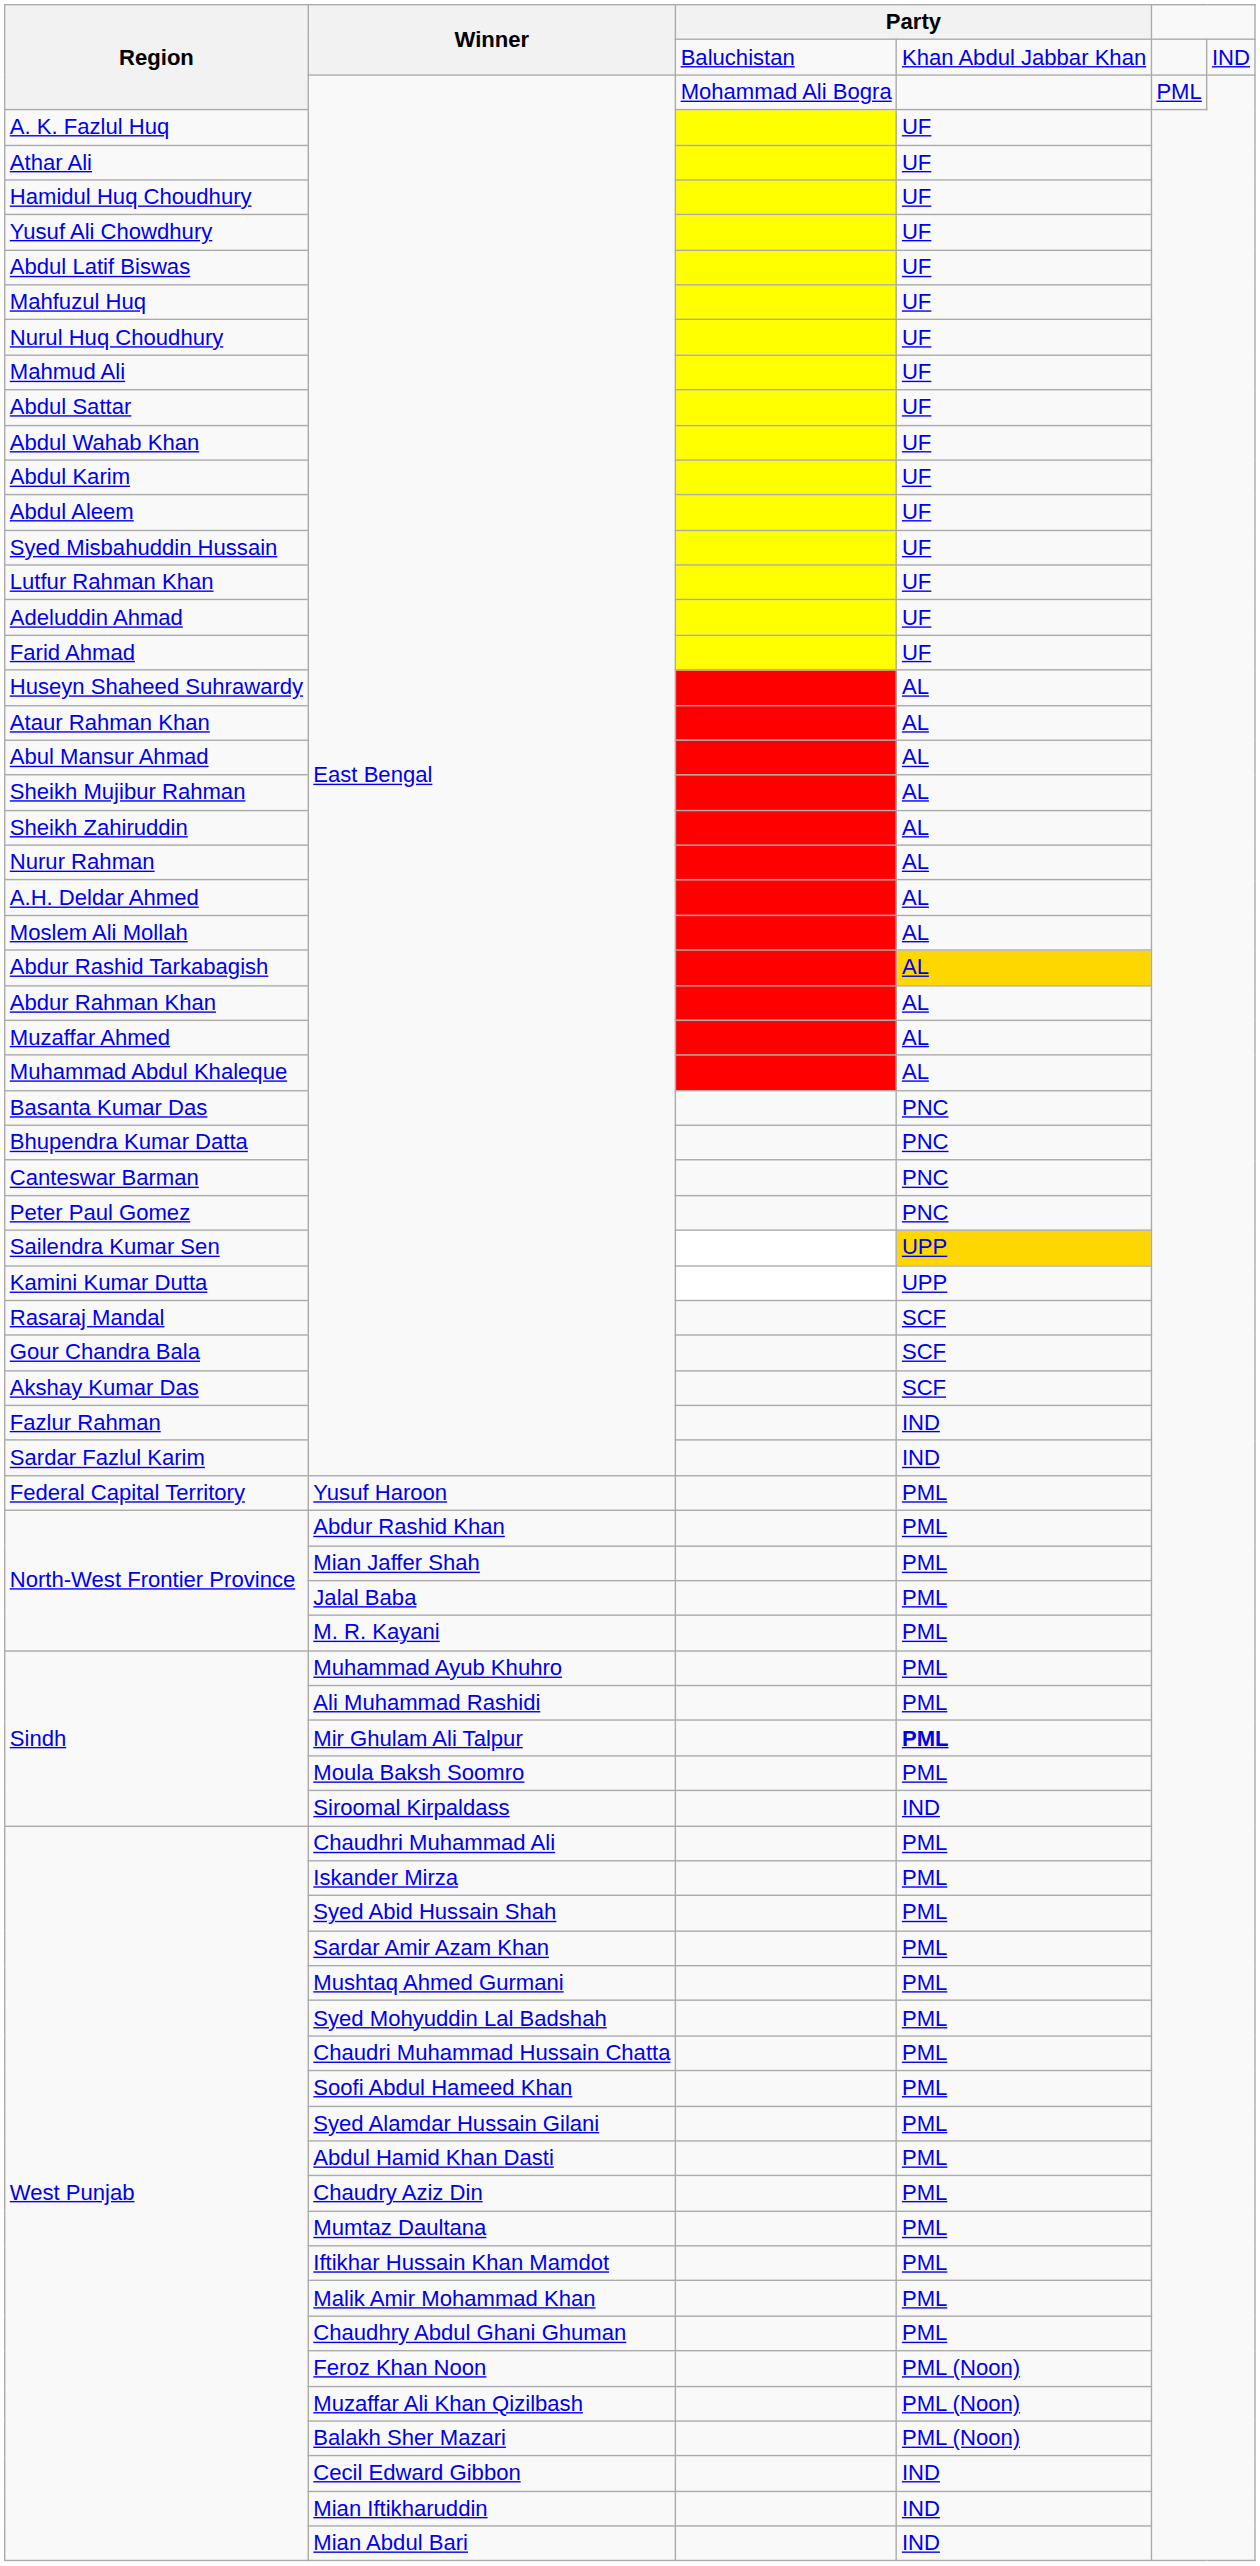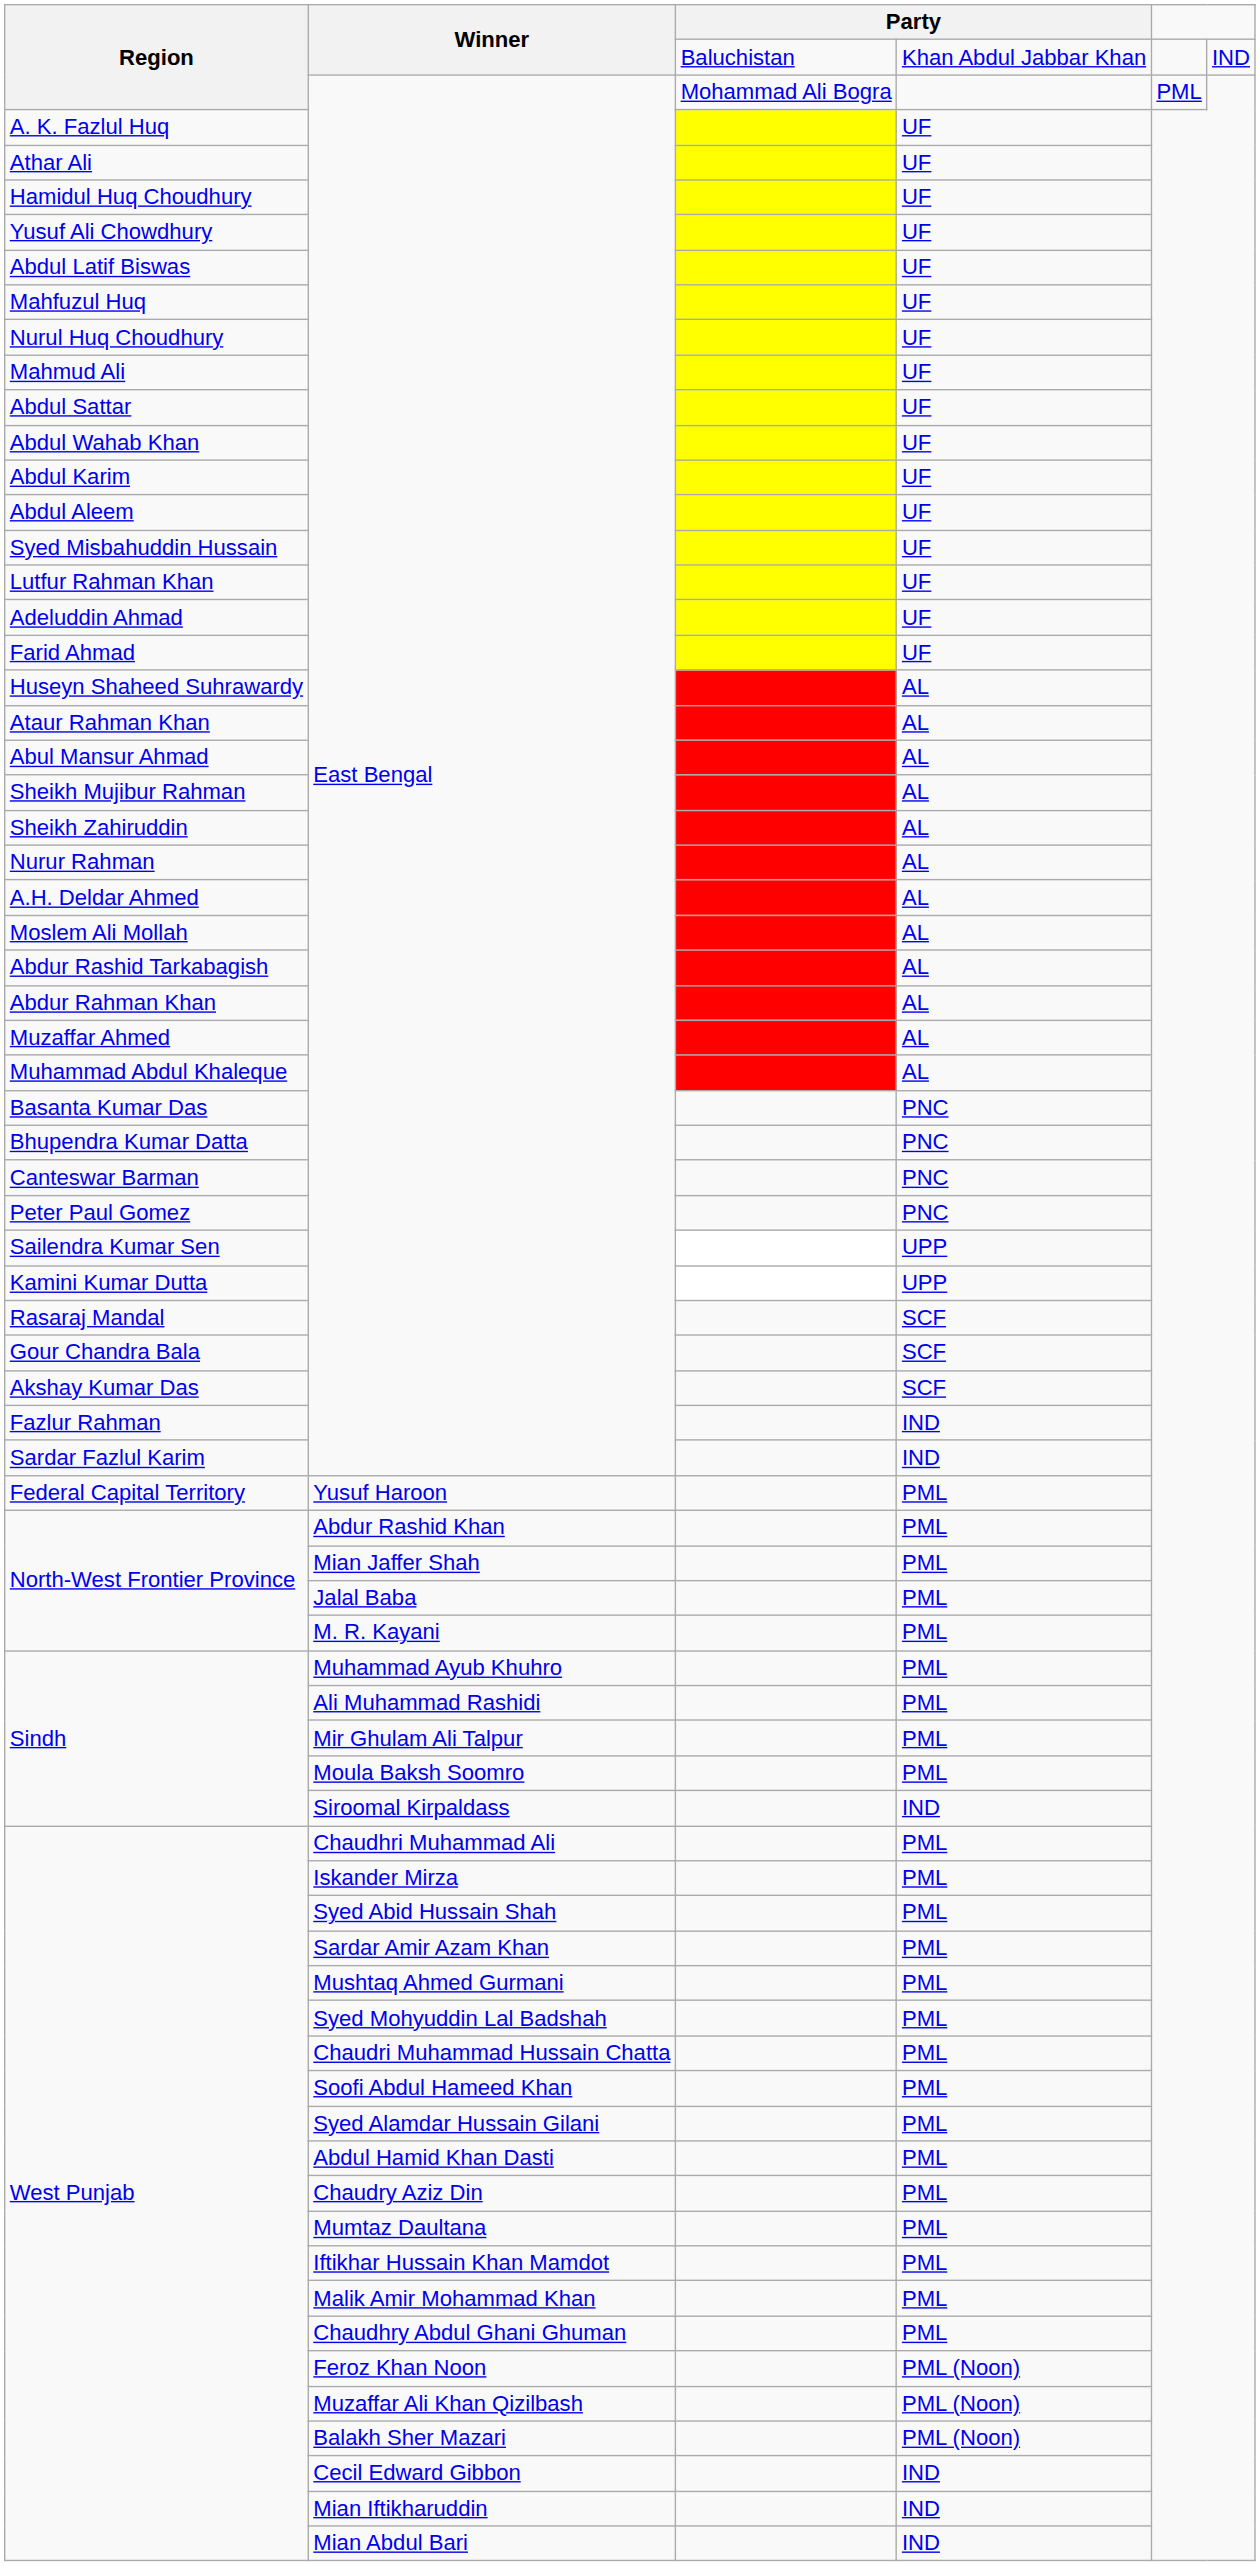 <table class="wikitable sortable static-row-numbers">
 <tr>
 <th rowspan="3">Region</th>
 <th rowspan="2">Winner</th>
 <th colspan="2" rowpan="2">Party</th>
 </tr>
 <tr>
 <td rowspan="1"><a href='#'>Baluchistan</a></td>
 <td><a href='#'>Khan Abdul Jabbar Khan</a></td>
 <td style="color:inherit;background:"></td>
 <td><a href='#'>IND</a></td>
 </tr>
 <tr>
 <td rowspan="40"><a href='#'>East Bengal</a></td>
 <td><a href='#'>Mohammad Ali Bogra</a></td>
 <td style="color:inherit;background:"></td>
 <td><a href='#'>PML</a></td>
 </tr>
 <tr>
 <td><a href='#'>A. K. Fazlul Huq</a></td>
 <td style="color:inherit;background:yellow"></td>
 <td><a href='#'>UF</a></td>
 </tr>
 <tr>
 <td><a href='#'>Athar Ali</a></td>
 <td style="color:inherit;background:yellow"></td>
 <td><a href='#'>UF</a></td>
 </tr>
 <tr>
 <td><a href='#'>Hamidul Huq Choudhury</a></td>
 <td style="color:inherit;background:yellow"></td>
 <td><a href='#'>UF</a></td>
 </tr>
 <tr>
 <td><a href='#'>Yusuf Ali Chowdhury</a></td>
 <td style="color:inherit;background:yellow"></td>
 <td><a href='#'>UF</a></td>
 </tr>
 <tr>
 <td><a href='#'>Abdul Latif Biswas</a></td>
 <td style="color:inherit;background:yellow"></td>
 <td><a href='#'>UF</a></td>
 </tr>
 <tr>
 <td><a href='#'>Mahfuzul Huq</a></td>
 <td style="color:inherit;background:yellow"></td>
 <td><a href='#'>UF</a></td>
 </tr>
 <tr>
 <td><a href='#'>Nurul Huq Choudhury</a></td>
 <td style="color:inherit;background:yellow"></td>
 <td><a href='#'>UF</a></td>
 </tr>
 <tr>
 <td><a href='#'>Mahmud Ali</a></td>
 <td style="color:inherit;background:yellow"></td>
 <td><a href='#'>UF</a></td>
 </tr>
 <tr>
 <td><a href='#'>Abdul Sattar</a></td>
 <td style="color:inherit;background:yellow"></td>
 <td><a href='#'>UF</a></td>
 </tr>
 <tr>
 <td><a href='#'>Abdul Wahab Khan</a></td>
 <td style="color:inherit;background:yellow"></td>
 <td><a href='#'>UF</a></td>
 </tr>
 <tr>
 <td><a href='#'>Abdul Karim</a></td>
 <td style="color:inherit;background:yellow"></td>
 <td><a href='#'>UF</a></td>
 </tr>
 <tr>
 <td><a href='#'>Abdul Aleem</a></td>
 <td style="color:inherit;background:yellow"></td>
 <td><a href='#'>UF</a></td>
 </tr>
 <tr>
 <td><a href='#'>Syed Misbahuddin Hussain</a></td>
 <td style="color:inherit;background:yellow"></td>
 <td><a href='#'>UF</a></td>
 </tr>
 <tr>
 <td><a href='#'>Lutfur Rahman Khan</a></td>
 <td style="color:inherit;background:yellow"></td>
 <td><a href='#'>UF</a></td>
 </tr>
 <tr>
 <td><a href='#'>Adeluddin Ahmad</a></td>
 <td style="color:inherit;background:yellow"></td>
 <td><a href='#'>UF</a></td>
 </tr>
 <tr>
 <td><a href='#'>Farid Ahmad</a></td>
 <td style="color:inherit;background:yellow"></td>
 <td><a href='#'>UF</a></td>
 </tr>
 <tr>
 <td><a href='#'>Huseyn Shaheed Suhrawardy</a></td>
 <td style="color:inherit;background:#FF0000"></td>
 <td><a href='#'>AL</a></td>
 </tr>
 <tr>
 <td><a href='#'>Ataur Rahman Khan</a></td>
 <td style="color:inherit;background:#FF0000"></td>
 <td><a href='#'>AL</a></td>
 </tr>
 <tr>
 <td><a href='#'>Abul Mansur Ahmad</a></td>
 <td style="color:inherit;background:#FF0000"></td>
 <td><a href='#'>AL</a></td>
 </tr>
 <tr>
 <td><a href='#'>Sheikh Mujibur Rahman</a></td>
 <td style="color:inherit;background:#FF0000"></td>
 <td><a href='#'>AL</a></td>
 </tr>
 <tr>
 <td><a href='#'>Sheikh Zahiruddin</a></td>
 <td style="color:inherit;background:#FF0000"></td>
 <td><a href='#'>AL</a></td>
 </tr>
 <tr>
 <td><a href='#'>Nurur Rahman</a></td>
 <td style="color:inherit;background:#FF0000"></td>
 <td><a href='#'>AL</a></td>
 </tr>
 <tr>
 <td><a href='#'>A.H. Deldar Ahmed</a></td>
 <td style="color:inherit;background:#FF0000"></td>
 <td><a href='#'>AL</a></td>
 </tr>
 <tr>
 <td><a href='#'>Moslem Ali Mollah</a></td>
 <td style="color:inherit;background:#FF0000"></td>
 <td><a href='#'>AL</a></td>
 </tr>
 <tr>
 <td><a href='#'>Abdur Rashid Tarkabagish</a></td>
 <td style="color:inherit;background:#FF0000"></td>
-<td style="background: gold;"><a href='#'>AL</a></td>
+<td><a href='#'>AL</a></td>
 </tr>
 <tr>
 <td><a href='#'>Abdur Rahman Khan</a></td>
 <td style="color:inherit;background:#FF0000"></td>
 <td><a href='#'>AL</a></td>
 </tr>
 <tr>
 <td><a href='#'>Muzaffar Ahmed</a></td>
 <td style="color:inherit;background:#FF0000"></td>
 <td><a href='#'>AL</a></td>
 </tr>
 <tr>
 <td><a href='#'>Muhammad Abdul Khaleque</a></td>
 <td style="color:inherit;background:#FF0000"></td>
 <td><a href='#'>AL</a></td>
 </tr>
 <tr>
 <td><a href='#'>Basanta Kumar Das</a></td>
 <td style="color:inherit;background:"></td>
 <td><a href='#'>PNC</a></td>
 </tr>
 <tr>
 <td><a href='#'>Bhupendra Kumar Datta</a></td>
 <td style="color:inherit;background:"></td>
 <td><a href='#'>PNC</a></td>
 </tr>
 <tr>
 <td><a href='#'>Canteswar Barman</a></td>
 <td style="color:inherit;background:"></td>
 <td><a href='#'>PNC</a></td>
 </tr>
 <tr>
 <td><a href='#'>Peter Paul Gomez</a></td>
 <td style="color:inherit;background:"></td>
 <td><a href='#'>PNC</a></td>
 </tr>
 <tr>
 <td><a href='#'>Sailendra Kumar Sen</a></td>
 <td style="color:inherit;background:white"></td>
-<td style="background: gold;"><a href='#'>UPP</a></td>
+<td><a href='#'>UPP</a></td>
 </tr>
 <tr>
 <td><a href='#'>Kamini Kumar Dutta</a></td>
 <td style="color:inherit;background:white"></td>
 <td><a href='#'>UPP</a></td>
 </tr>
 <tr>
 <td><a href='#'>Rasaraj Mandal</a></td>
 <td style="color:inherit;background:"></td>
 <td><a href='#'>SCF</a></td>
 </tr>
 <tr>
 <td><a href='#'>Gour Chandra Bala</a></td>
 <td style="color:inherit;background:"></td>
 <td><a href='#'>SCF</a></td>
 </tr>
 <tr>
 <td><a href='#'>Akshay Kumar Das</a></td>
 <td style="color:inherit;background:"></td>
 <td><a href='#'>SCF</a></td>
 </tr>
 <tr>
 <td><a href='#'>Fazlur Rahman</a></td>
 <td style="color:inherit;background:"></td>
 <td><a href='#'>IND</a></td>
 </tr>
 <tr>
 <td><a href='#'>Sardar Fazlul Karim</a></td>
 <td style="color:inherit;background:"></td>
 <td><a href='#'>IND</a></td>
 </tr>
 <tr>
 <td rowspan="1"><a href='#'>Federal Capital Territory</a></td>
 <td><a href='#'>Yusuf Haroon</a></td>
 <td style="color:inherit;background:"></td>
 <td><a href='#'>PML</a></td>
 </tr>
 <tr>
 <td rowspan="4"><a href='#'>North-West Frontier Province</a></td>
 <td><a href='#'>Abdur Rashid Khan</a></td>
 <td style="color:inherit;background:"></td>
 <td><a href='#'>PML</a></td>
 </tr>
 <tr>
 <td><a href='#'>Mian Jaffer Shah</a></td>
 <td style="color:inherit;background:"></td>
 <td><a href='#'>PML</a></td>
 </tr>
 <tr>
 <td><a href='#'>Jalal Baba</a></td>
 <td style="color:inherit;background:"></td>
 <td><a href='#'>PML</a></td>
 </tr>
 <tr>
 <td><a href='#'>M. R. Kayani</a></td>
 <td style="color:inherit;background:"></td>
 <td><a href='#'>PML</a></td>
 </tr>
 <tr>
 <td rowspan="5"><a href='#'>Sindh</a></td>
 <td><a href='#'>Muhammad Ayub Khuhro</a></td>
 <td style="color:inherit;background:"></td>
 <td><a href='#'>PML</a></td>
 </tr>
 <tr>
 <td><a href='#'>Ali Muhammad Rashidi</a></td>
 <td style="color:inherit;background:"></td>
 <td><a href='#'>PML</a></td>
 </tr>
 <tr>
 <td><a href='#'>Mir Ghulam Ali Talpur</a></td>
 <td style="color:inherit;background:"></td>
-<td><strong><a href='#'>PML</a></strong></td>
+<td><a href='#'>PML</a></td>
 </tr>
 <tr>
 <td><a href='#'>Moula Baksh Soomro</a></td>
 <td style="color:inherit;background:"></td>
 <td><a href='#'>PML</a></td>
 </tr>
 <tr>
 <td><a href='#'>Siroomal Kirpaldass</a></td>
 <td style="color:inherit;background:"></td>
 <td><a href='#'>IND</a></td>
 </tr>
 <tr>
 <td rowspan="21"><a href='#'>West Punjab</a></td>
 <td><a href='#'>Chaudhri Muhammad Ali</a></td>
 <td style="color:inherit;background:"></td>
 <td><a href='#'>PML</a></td>
 </tr>
 <tr>
 <td><a href='#'>Iskander Mirza</a></td>
 <td style="color:inherit;background:"></td>
 <td><a href='#'>PML</a></td>
 </tr>
 <tr>
 <td><a href='#'>Syed Abid Hussain Shah</a></td>
 <td style="color:inherit;background:"></td>
 <td><a href='#'>PML</a></td>
 </tr>
 <tr>
 <td><a href='#'>Sardar Amir Azam Khan</a></td>
 <td style="color:inherit;background:"></td>
 <td><a href='#'>PML</a></td>
 </tr>
 <tr>
 <td><a href='#'>Mushtaq Ahmed Gurmani</a></td>
 <td style="color:inherit;background:"></td>
 <td><a href='#'>PML</a></td>
 </tr>
 <tr>
 <td><a href='#'>Syed Mohyuddin Lal Badshah</a></td>
 <td style="color:inherit;background:"></td>
 <td><a href='#'>PML</a></td>
 </tr>
 <tr>
 <td><a href='#'>Chaudri Muhammad Hussain Chatta</a></td>
 <td style="color:inherit;background:"></td>
 <td><a href='#'>PML</a></td>
 </tr>
 <tr>
 <td><a href='#'>Soofi Abdul Hameed Khan</a></td>
 <td style="color:inherit;background:"></td>
 <td><a href='#'>PML</a></td>
 </tr>
 <tr>
 <td><a href='#'>Syed Alamdar Hussain Gilani</a></td>
 <td style="color:inherit;background:"></td>
 <td><a href='#'>PML</a></td>
 </tr>
 <tr>
 <td><a href='#'>Abdul Hamid Khan Dasti</a></td>
 <td style="color:inherit;background:"></td>
 <td><a href='#'>PML</a></td>
 </tr>
 <tr>
 <td><a href='#'>Chaudry Aziz Din</a></td>
 <td style="color:inherit;background:"></td>
 <td><a href='#'>PML</a></td>
 </tr>
 <tr>
 <td><a href='#'>Mumtaz Daultana</a></td>
 <td style="color:inherit;background:"></td>
 <td><a href='#'>PML</a></td>
 </tr>
 <tr>
 <td><a href='#'>Iftikhar Hussain Khan Mamdot</a></td>
 <td style="color:inherit;background:"></td>
 <td><a href='#'>PML</a></td>
 </tr>
 <tr>
 <td><a href='#'>Malik Amir Mohammad Khan</a></td>
 <td style="color:inherit;background:"></td>
 <td><a href='#'>PML</a></td>
 </tr>
 <tr>
 <td><a href='#'>Chaudhry Abdul Ghani Ghuman</a></td>
 <td style="color:inherit;background:"></td>
 <td><a href='#'>PML</a></td>
 </tr>
 <tr>
 <td><a href='#'>Feroz Khan Noon</a></td>
 <td style="color:inherit;background:"></td>
 <td><a href='#'>PML (Noon)</a></td>
 </tr>
 <tr>
 <td><a href='#'>Muzaffar Ali Khan Qizilbash</a></td>
 <td style="color:inherit;background:"></td>
 <td><a href='#'>PML (Noon)</a></td>
 </tr>
 <tr>
 <td><a href='#'>Balakh Sher Mazari</a></td>
 <td style="color:inherit;background:"></td>
 <td><a href='#'>PML (Noon)</a></td>
 </tr>
 <tr>
 <td><a href='#'>Cecil Edward Gibbon</a></td>
 <td style="color:inherit;background:"></td>
 <td><a href='#'>IND</a></td>
 </tr>
 <tr>
 <td><a href='#'>Mian Iftikharuddin</a></td>
 <td style="color:inherit;background:"></td>
 <td><a href='#'>IND</a></td>
 </tr>
 <tr>
 <td><a href='#'>Mian Abdul Bari</a></td>
 <td style="color:inherit;background:"></td>
 <td><a href='#'>IND</a></td>
 </tr>
 </table>
